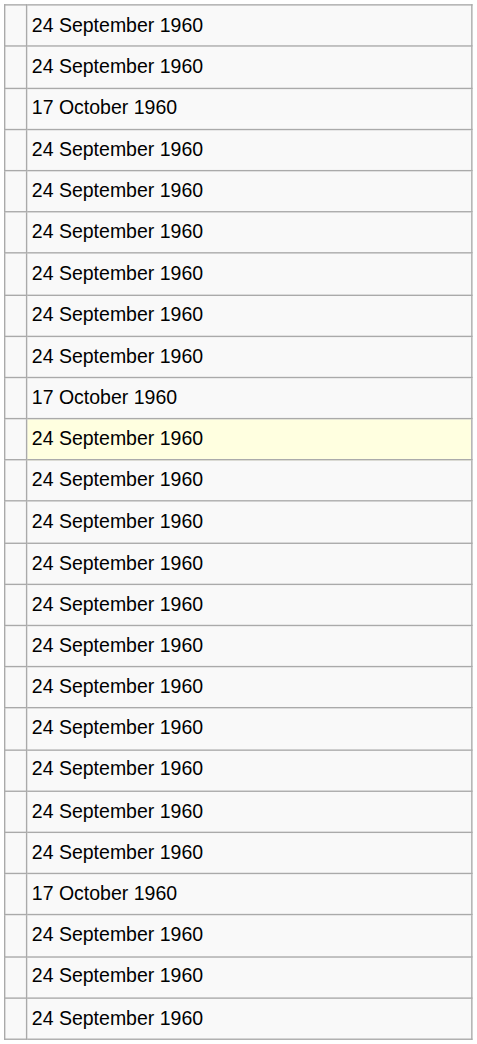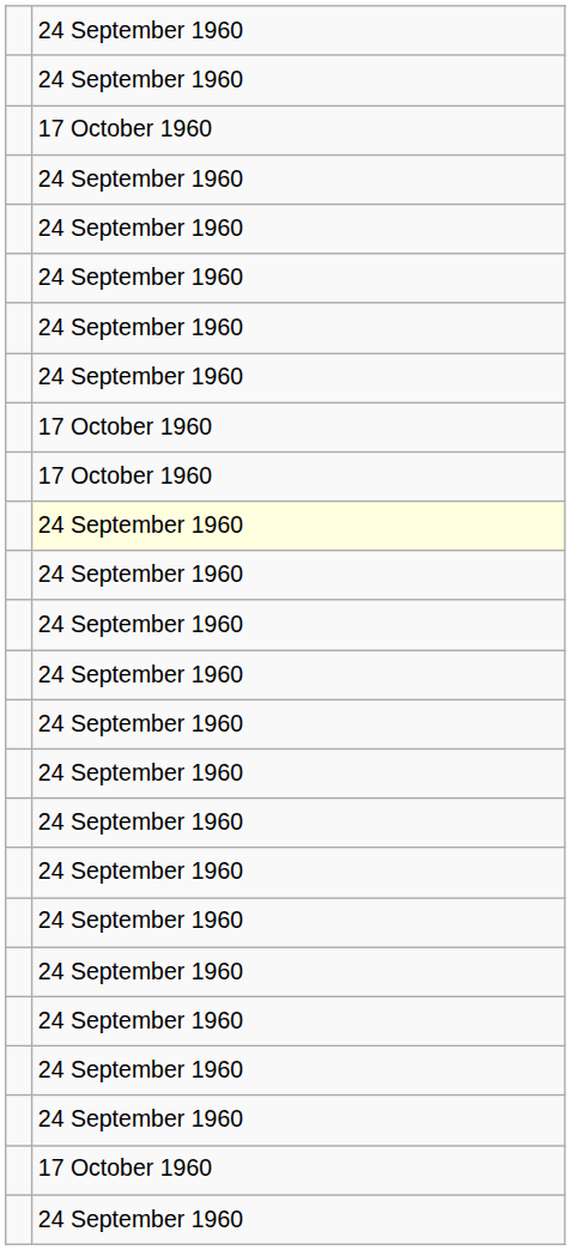 <table class="wikitable" style="font-size: 89%; float: left; width: 24em; margin-right: 1em; line-height: 1.65em">
 <tr>
 <td></td>
 <td>24 September 1960</td>
 </tr>
 <tr>
 <td></td>
 <td>24 September 1960</td>
 </tr>
 <tr>
 <td></td>
 <td>17 October 1960</td>
 </tr>
 <tr>
 <td></td>
 <td>24 September 1960</td>
 </tr>
 <tr>
 <td></td>
 <td>24 September 1960</td>
 </tr>
 <tr>
 <td></td>
 <td>24 September 1960</td>
 </tr>
 <tr>
 <td></td>
 <td>24 September 1960</td>
 </tr>
 <tr>
 <td></td>
 <td>24 September 1960</td>
 </tr>
 <tr>
 <td></td>
-<td>24 September 1960</td>
+<td>17 October 1960</td>
 </tr>
 <tr>
 <td></td>
 <td>17 October 1960</td>
 </tr>
 <tr>
 <td></td>
 <td style="background: lightyellow;">24 September 1960</td>
 </tr>
 <tr>
 <td></td>
 <td>24 September 1960</td>
 </tr>
 <tr>
 <td></td>
 <td>24 September 1960</td>
 </tr>
 <tr>
 <td></td>
 <td>24 September 1960</td>
 </tr>
 <tr>
 <td></td>
 <td>24 September 1960</td>
 </tr>
 <tr>
 <td></td>
 <td>24 September 1960</td>
 </tr>
 <tr>
 <td></td>
 <td>24 September 1960</td>
 </tr>
 <tr>
 <td></td>
 <td>24 September 1960</td>
 </tr>
 <tr>
 <td></td>
 <td>24 September 1960</td>
 </tr>
 <tr>
 <td></td>
 <td>24 September 1960</td>
 </tr>
 <tr>
 <td></td>
 <td>24 September 1960</td>
 </tr>
 <tr>
 <td></td>
-<td>17 October 1960</td>
-</tr>
-<tr>
-<td></td>
 <td>24 September 1960</td>
 </tr>
 <tr>
 <td></td>
 <td>24 September 1960</td>
 </tr>
 <tr>
 <td></td>
+<td>17 October 1960</td>
+</tr>
+<tr>
+<td></td>
 <td>24 September 1960</td>
 </tr>
 </table>
